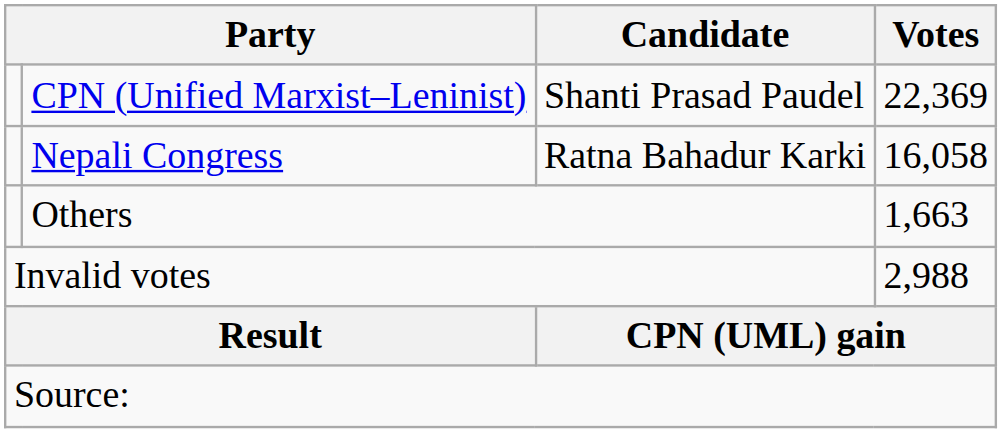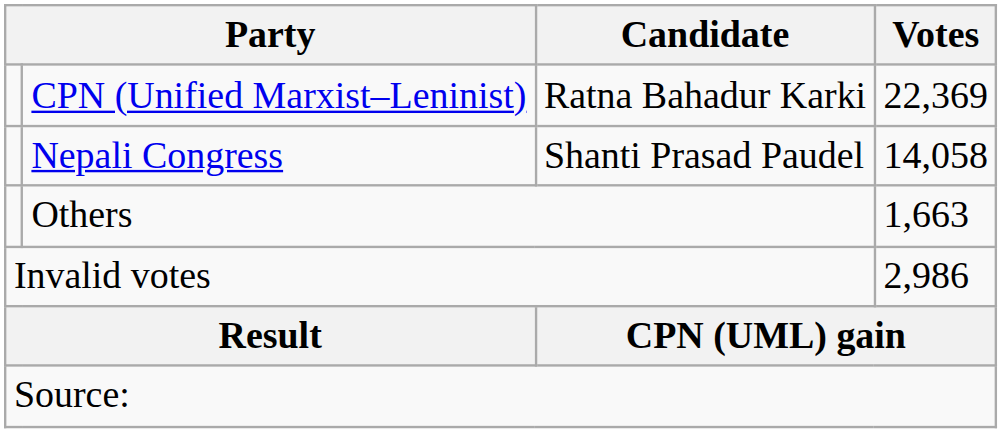 <table class="wikitable">
 <tr>
 <th colspan="2">Party</th>
 <th>Candidate</th>
 <th>Votes</th>
 </tr>
 <tr>
 <td style="background-color:"></td>
 <td><a href='#'>CPN (Unified Marxist–Leninist)</a></td>
-<td>Shanti Prasad Paudel</td>
+<td>Ratna Bahadur Karki</td>
 <td>22,369</td>
 </tr>
 <tr>
 <td style="background-color:"></td>
 <td><a href='#'>Nepali Congress</a></td>
-<td>Ratna Bahadur Karki</td>
-<td>16,058</td>
+<td>Shanti Prasad Paudel</td>
+<td>14,058</td>
 </tr>
 <tr>
 <td></td>
 <td colspan="2">Others</td>
 <td>1,663</td>
 </tr>
 <tr>
 <td colspan="3">Invalid votes</td>
-<td>2,988</td>
+<td>2,986</td>
 </tr>
 <tr>
 <th colspan="2">Result</th>
 <th colspan="2">CPN (UML) gain</th>
 </tr>
 <tr>
 <td colspan="4">Source: </td>
 </tr>
 </table>
